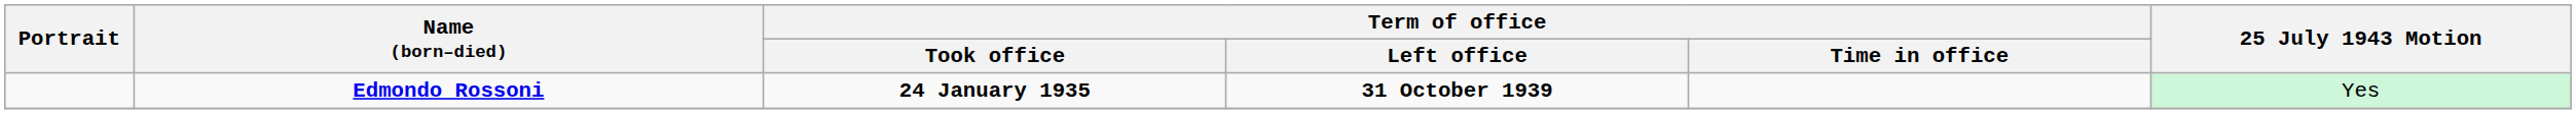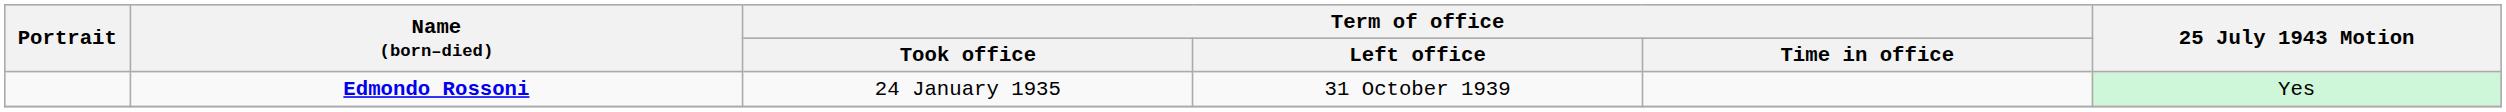 <table class="wikitable" style="text-align:center;" style="width=90%">
 <tr>
 <th width=1% rowspan=2>Portrait</th>
 <th width=15% rowspan=2>Name<br><small>(born–died)</small></th>
 <th width=30% colspan=3>Term of office</th>
 <th width=10% rowspan=2>25 July 1943 Motion</th>
 </tr>
 <tr style="text-align:center;">
 <th width=11%>Took office</th>
 <th width=11%>Left office</th>
 <th width=11%>Time in office</th>
 </tr>
 <tr>
 <td></td>
 <td><strong><a href='#'>Edmondo Rossoni</a></strong><br></td>
-<td><strong>24 January 1935</strong></td>
-<td><strong>31 October 1939</strong></td>
+<td>24 January 1935</td>
+<td>31 October 1939</td>
 <td></td>
 <td align=center style="background:#CEF6D8">Yes</td>
 </tr>
 <tr>
 </tr>
 </table>
